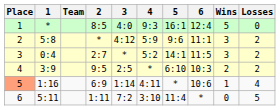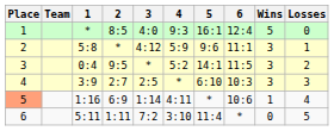 <table class="wikitable" style="text-align:center;">
 <tr>
 <th>Place</th>
+<th>Team</th>
 <th width="25">1</th>
-<th>Team</th>
 <th width="25">2</th>
 <th width="25">3</th>
 <th width="25">4</th>
 <th width="25">5</th>
 <th width="25">6</th>
 <th>Wins</th>
 <th>Losses</th>
 </tr>
 <tr bgcolor=#cfc>
 <td>1</td>
+<td align=left></td>
 <td>*</td>
-<td align=left></td>
 <td>8:5</td>
 <td>4:0</td>
 <td>9:3</td>
 <td>16:1</td>
 <td>12:4</td>
 <td>5</td>
 <td>0</td>
 </tr>
 <tr bgcolor=#ffc>
 <td>2</td>
+<td align=left></td>
 <td>5:8</td>
-<td align=left></td>
 <td>*</td>
 <td>4:12</td>
 <td>5:9</td>
 <td>9:6</td>
 <td>11:1</td>
 <td>3</td>
-<td>2</td>
+<td>1</td>
 </tr>
 <tr bgcolor=#ffc>
 <td>3</td>
+<td align=left></td>
 <td>0:4</td>
-<td align=left></td>
-<td>2:7</td>
+<td>9:5</td>
 <td>*</td>
 <td>5:2</td>
 <td>14:1</td>
 <td>11:5</td>
 <td>3</td>
 <td>2</td>
 </tr>
 <tr bgcolor=#ffc>
 <td>4</td>
+<td align=left></td>
 <td>3:9</td>
-<td align=left></td>
-<td>9:5</td>
+<td>2:7</td>
 <td>2:5</td>
 <td>*</td>
 <td>6:10</td>
 <td>10:3</td>
-<td>2</td>
-<td>2</td>
+<td>3</td>
+<td>3</td>
 </tr>
 <tr>
 <td style="background: lightsalmon;">5</td>
+<td align=left></td>
 <td>1:16</td>
-<td align=left></td>
 <td>6:9</td>
 <td>1:14</td>
 <td>4:11</td>
 <td>*</td>
 <td>10:6</td>
 <td>1</td>
 <td>4</td>
 </tr>
 <tr>
 <td>6</td>
+<td align=left></td>
 <td>5:11</td>
-<td align=left></td>
 <td>1:11</td>
 <td>7:2</td>
 <td>3:10</td>
 <td>11:4</td>
 <td>*</td>
 <td>0</td>
 <td>5</td>
 </tr>
 </table>
